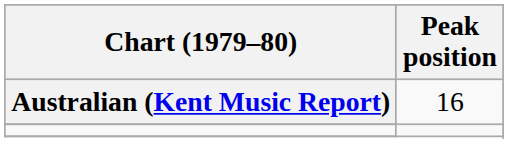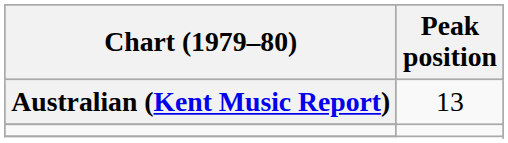 <table class="wikitable plainrowheaders">
 <tr>
 <th>Chart (1979–80)</th>
 <th>Peak<br>position</th>
 </tr>
 <tr>
 <th scope="row">Australian (<a href='#'>Kent Music Report</a>) </th>
-<td style="text-align:center;">16</td>
+<td style="text-align:center;">13</td>
 </tr>
 <tr>
 </tr>
 <tr>
 <td></td>
 </tr>
 <tr>
 </tr>
 </table>
